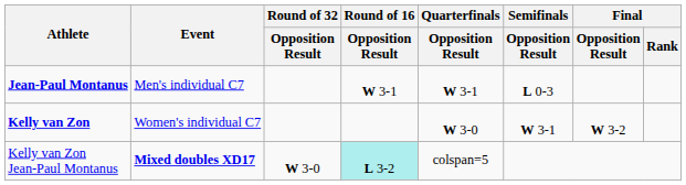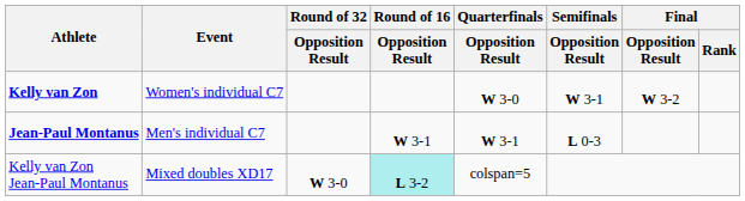 <table class=wikitable style="font-size:90%">
 <tr align=center>
 <th rowspan="2">Athlete</th>
 <th rowspan="2">Event</th>
 <th>Round of 32</th>
 <th>Round of 16</th>
 <th>Quarterfinals</th>
 <th>Semifinals</th>
 <th colspan="2">Final</th>
 </tr>
 <tr>
 <th>Opposition<br>Result</th>
 <th>Opposition<br>Result</th>
 <th>Opposition<br>Result</th>
 <th>Opposition<br>Result</th>
 <th>Opposition<br>Result</th>
 <th>Rank</th>
 </tr>
 <tr align=center>
+<td align=left><strong><a href='#'>Kelly van Zon</a></strong></td>
+<td align=left><a href='#'>Women's individual C7</a></td>
+<td></td>
+<td></td>
+<td><br><strong>W</strong> 3-0</td>
+<td><br><strong>W</strong> 3-1</td>
+<td><br><strong>W</strong> 3-2</td>
+<td></td>
+</tr>
+<tr align=center>
 <td align=left><strong><a href='#'>Jean-Paul Montanus</a></strong></td>
 <td align=left><a href='#'>Men's individual C7</a></td>
 <td></td>
 <td><br><strong>W</strong> 3-1</td>
 <td><br><strong>W</strong> 3-1</td>
 <td><br><strong>L</strong> 0-3</td>
 <td></td>
 <td></td>
 </tr>
 <tr align=center>
-<td align=left><strong><a href='#'>Kelly van Zon</a></strong></td>
-<td align=left><a href='#'>Women's individual C7</a></td>
-<td></td>
-<td></td>
-<td><br><strong>W</strong> 3-0</td>
-<td><br><strong>W</strong> 3-1</td>
-<td><br><strong>W</strong> 3-2</td>
-<td></td>
-</tr>
-<tr align=center>
 <td align=left><a href='#'>Kelly van Zon</a><br><a href='#'>Jean-Paul Montanus</a></td>
-<td align=left><strong><a href='#'>Mixed doubles XD17</a></strong></td>
+<td align=left><a href='#'>Mixed doubles XD17</a></td>
 <td><br><strong>W</strong> 3-0</td>
 <td style="background: paleturquoise;"><br><strong>L</strong> 3-2</td>
 <td>colspan=5 </td>
 </tr>
 </table>
